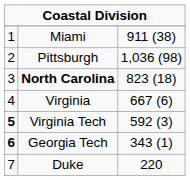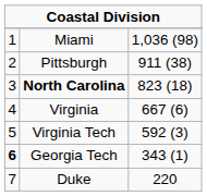 <table class="wikitable" style="display: inline-table;">
 <tr>
 <td align="center" Colspan="3"><strong>Coastal Division</strong></td>
 </tr>
 <tr align="center">
 </tr>
 <tr align="center">
 <td>1</td>
 <td>Miami</td>
-<td>911 (38)</td>
+<td>1,036 (98)</td>
 </tr>
 <tr align="center">
 <td>2</td>
 <td>Pittsburgh</td>
-<td>1,036 (98)</td>
+<td>911 (38)</td>
 </tr>
 <tr align="center">
 <td>3</td>
 <td><strong>North Carolina</strong></td>
 <td>823 (18)</td>
 </tr>
 <tr align="center">
 <td>4</td>
 <td>Virginia</td>
 <td>667 (6)</td>
 </tr>
 <tr align="center">
-<td><strong>5</strong></td>
+<td>5</td>
 <td>Virginia Tech</td>
 <td>592 (3)</td>
 </tr>
 <tr align="center">
 <td><strong>6</strong></td>
 <td>Georgia Tech</td>
 <td>343 (1)</td>
 </tr>
 <tr align="center">
 <td>7</td>
 <td>Duke</td>
 <td>220</td>
 </tr>
 </table>
